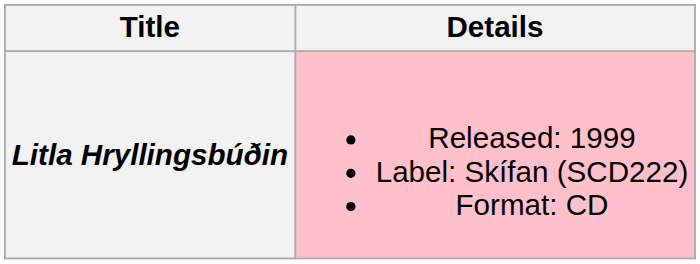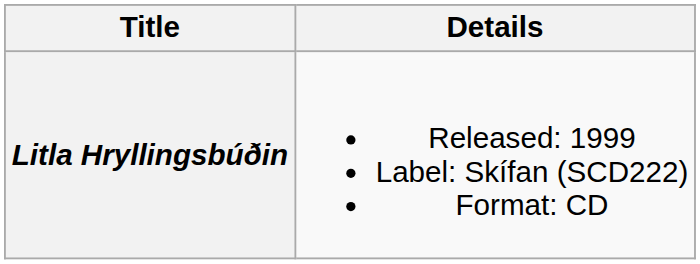 <table class="wikitable plainrowheaders" style="text-align:center;" border="1">
 <tr>
 <th>Title</th>
 <th>Details</th>
 </tr>
 <tr>
 <th scope="row"><em>Litla Hryllingsbúðin</em></th>
-<td style="background: pink;"><br><ul><li>Released: 1999</li><li>Label: Skífan (SCD222)</li><li>Format: CD</li></ul></td>
+<td><br><ul><li>Released: 1999</li><li>Label: Skífan (SCD222)</li><li>Format: CD</li></ul></td>
 </tr>
 </table>
